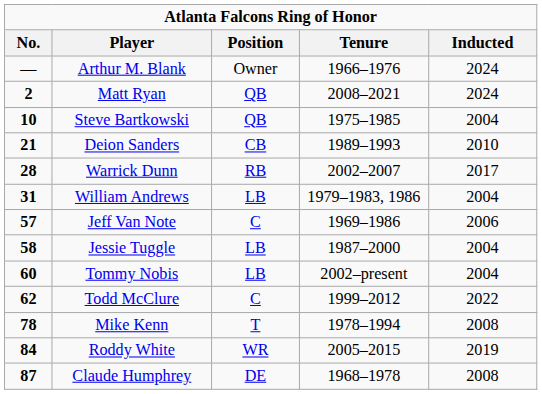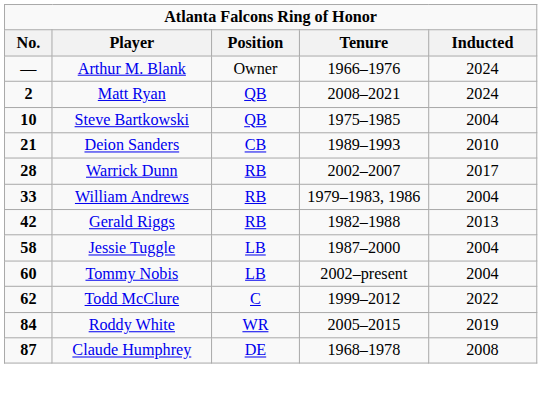 <table class="wikitable" style="text-align:center">
 <tr>
 <td colspan="5"><strong>Atlanta Falcons Ring of Honor</strong></td>
 </tr>
 <tr>
 <th style="width:40px; ">No.</th>
 <th style="width:150px; ">Player</th>
 <th style="width:80px; ">Position</th>
 <th style="width:120px; ">Tenure</th>
 <th style="width:100px; ">Inducted</th>
 </tr>
 <tr>
 <td>—</td>
 <td><a href='#'>Arthur M. Blank</a></td>
 <td>Owner</td>
 <td>1966–1976</td>
 <td>2024</td>
 </tr>
 <tr>
 <td><strong>2</strong></td>
 <td><a href='#'>Matt Ryan</a></td>
 <td><a href='#'>QB</a></td>
 <td>2008–2021</td>
 <td>2024</td>
 </tr>
 <tr>
 <td><strong>10</strong></td>
 <td><a href='#'>Steve Bartkowski</a></td>
 <td><a href='#'>QB</a></td>
 <td>1975–1985</td>
 <td>2004</td>
 </tr>
 <tr>
 <td><strong>21</strong></td>
 <td><a href='#'>Deion Sanders</a></td>
 <td><a href='#'>CB</a></td>
 <td>1989–1993</td>
 <td>2010</td>
 </tr>
 <tr>
 <td><strong>28</strong></td>
 <td><a href='#'>Warrick Dunn</a></td>
 <td><a href='#'>RB</a></td>
 <td>2002–2007</td>
 <td>2017</td>
 </tr>
 <tr>
-<td><strong>31</strong></td>
+<td><strong>33</strong></td>
 <td><a href='#'>William Andrews</a></td>
-<td><a href='#'>LB</a></td>
+<td><a href='#'>RB</a></td>
 <td>1979–1983, 1986</td>
 <td>2004</td>
 </tr>
 <tr>
-<td><strong>57</strong></td>
-<td><a href='#'>Jeff Van Note</a></td>
-<td><a href='#'>C</a></td>
-<td>1969–1986</td>
-<td>2006</td>
+<td><strong>42</strong></td>
+<td><a href='#'>Gerald Riggs</a></td>
+<td><a href='#'>RB</a></td>
+<td>1982–1988</td>
+<td>2013</td>
 </tr>
 <tr>
 <td><strong>58</strong></td>
 <td><a href='#'>Jessie Tuggle</a></td>
 <td><a href='#'>LB</a></td>
 <td>1987–2000</td>
 <td>2004</td>
 </tr>
 <tr>
 <td><strong>60</strong></td>
 <td><a href='#'>Tommy Nobis</a></td>
 <td><a href='#'>LB</a></td>
 <td>2002–present</td>
 <td>2004</td>
 </tr>
 <tr>
 <td><strong>62</strong></td>
 <td><a href='#'>Todd McClure</a></td>
 <td><a href='#'>C</a></td>
 <td>1999–2012</td>
 <td>2022</td>
 </tr>
 <tr>
-<td><strong>78</strong></td>
-<td><a href='#'>Mike Kenn</a></td>
-<td><a href='#'>T</a></td>
-<td>1978–1994</td>
-<td>2008</td>
-</tr>
-<tr>
 <td><strong>84</strong></td>
 <td><a href='#'>Roddy White</a></td>
 <td><a href='#'>WR</a></td>
 <td>2005–2015</td>
 <td>2019</td>
 </tr>
 <tr>
 <td><strong>87</strong></td>
 <td><a href='#'>Claude Humphrey</a></td>
 <td><a href='#'>DE</a></td>
 <td>1968–1978</td>
 <td>2008</td>
 </tr>
 </table>
